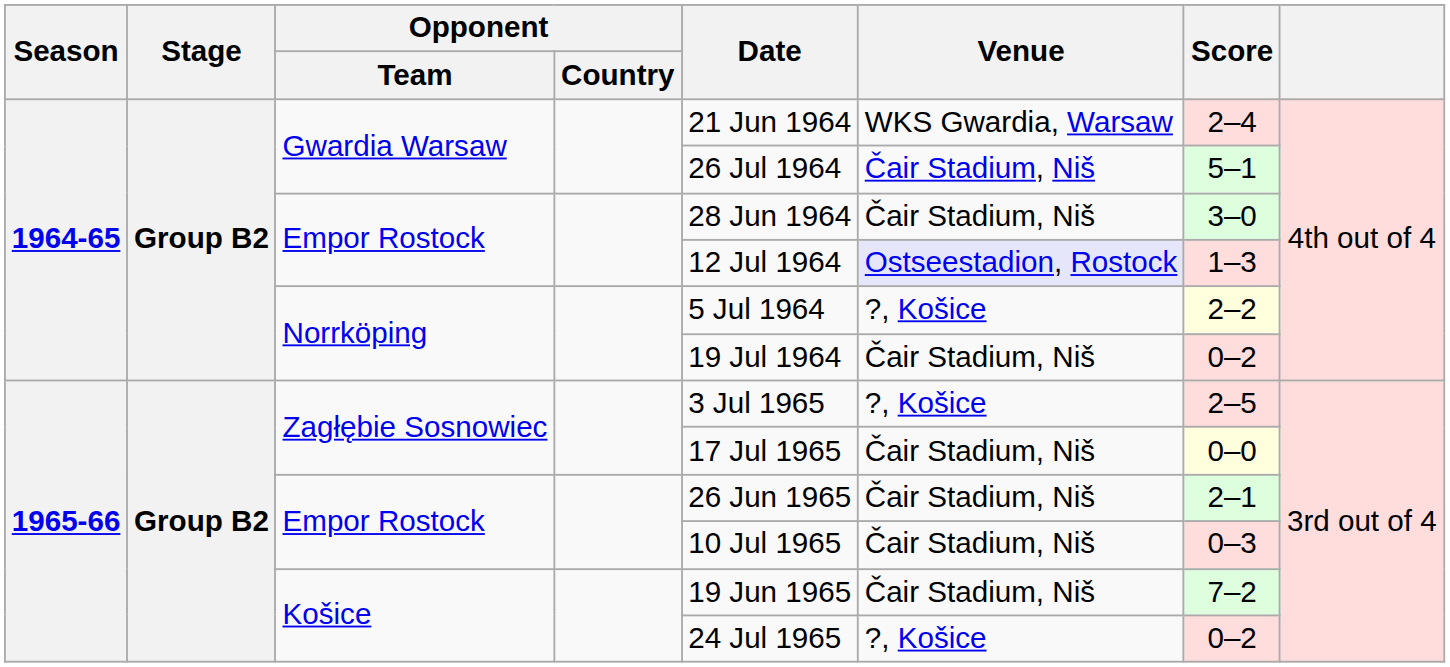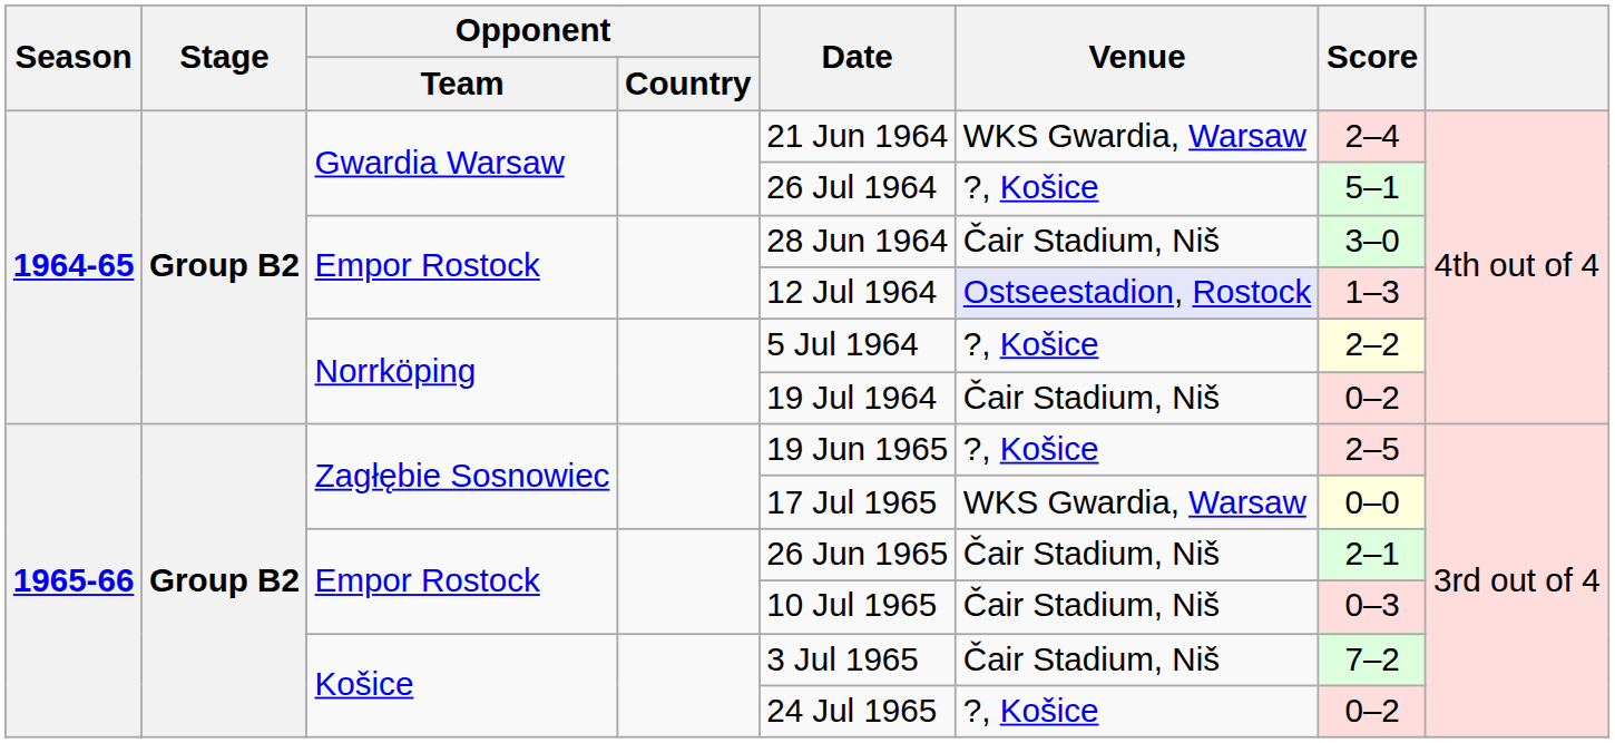 <table class="wikitable plainrowheaders">
 <tr>
 <th rowspan=2>Season</th>
 <th rowspan=2>Stage</th>
 <th scope="col" colspan=2>Opponent</th>
 <th scope="col" rowspan=2>Date</th>
 <th scope="col" rowspan=2>Venue</th>
 <th scope="col" rowspan=2>Score</th>
 <th scope="col" rowspan=2></th>
 </tr>
 <tr>
 <th scope="col">Team</th>
 <th scope="col">Country</th>
 </tr>
 <tr>
 <th scope=row rowspan=6><a href='#'>1964-65</a></th>
 <th scope=row rowspan=6>Group B2</th>
 <td rowspan="2"><a href='#'>Gwardia Warsaw</a></td>
 <td rowspan="2"></td>
 <td>21 Jun 1964</td>
 <td>WKS Gwardia, <a href='#'>Warsaw</a></td>
 <td style="text-align:center; background:#fdd;">2–4</td>
 <td rowspan="6" style="text-align:center; background:#fdd;">4th out of 4</td>
 </tr>
 <tr>
 <td>26 Jul 1964</td>
-<td><a href='#'>Čair Stadium</a>, <a href='#'>Niš</a></td>
+<td>?, <a href='#'>Košice</a></td>
 <td style="text-align:center; background:#dfd;">5–1</td>
 </tr>
 <tr>
 <td rowspan="2"><a href='#'>Empor Rostock</a></td>
 <td rowspan="2"></td>
 <td>28 Jun 1964</td>
 <td>Čair Stadium, Niš</td>
 <td style="text-align:center; background:#dfd;">3–0</td>
 </tr>
 <tr>
 <td>12 Jul 1964</td>
 <td style="background: lavender;"><a href='#'>Ostseestadion</a>, <a href='#'>Rostock</a></td>
 <td style="text-align:center; background:#fdd;">1–3</td>
 </tr>
 <tr>
 <td rowspan="2"><a href='#'>Norrköping</a></td>
 <td rowspan="2"></td>
 <td>5 Jul 1964</td>
 <td>?, <a href='#'>Košice</a></td>
 <td style="text-align:center; background:#ffd;">2–2</td>
 </tr>
 <tr>
 <td>19 Jul 1964</td>
 <td>Čair Stadium, Niš</td>
 <td style="text-align:center; background:#fdd;">0–2</td>
 </tr>
 <tr>
 <th scope=row rowspan=6><a href='#'>1965-66</a></th>
 <th scope=row rowspan=6>Group B2</th>
 <td rowspan="2"><a href='#'>Zagłębie Sosnowiec</a></td>
 <td rowspan="2"></td>
-<td>3 Jul 1965</td>
+<td>19 Jun 1965</td>
 <td>?, <a href='#'>Košice</a></td>
 <td style="text-align:center; background:#fdd;">2–5</td>
 <td rowspan="6" style="text-align:center; background:#fdd;">3rd out of 4</td>
 </tr>
 <tr>
 <td>17 Jul 1965</td>
-<td>Čair Stadium, Niš</td>
+<td>WKS Gwardia, <a href='#'>Warsaw</a></td>
 <td style="text-align:center; background:#ffd;">0–0</td>
 </tr>
 <tr>
 <td rowspan="2"><a href='#'>Empor Rostock</a></td>
 <td rowspan="2"></td>
 <td>26 Jun 1965</td>
 <td>Čair Stadium, Niš</td>
 <td style="text-align:center; background:#dfd;">2–1</td>
 </tr>
 <tr>
 <td>10 Jul 1965</td>
 <td>Čair Stadium, Niš</td>
 <td style="text-align:center; background:#fdd;">0–3</td>
 </tr>
 <tr>
 <td rowspan="2"><a href='#'>Košice</a></td>
 <td rowspan="2"></td>
-<td>19 Jun 1965</td>
+<td>3 Jul 1965</td>
 <td>Čair Stadium, Niš</td>
 <td style="text-align:center; background:#dfd;">7–2</td>
 </tr>
 <tr>
 <td>24 Jul 1965</td>
 <td>?, <a href='#'>Košice</a></td>
 <td style="text-align:center; background:#fdd;">0–2</td>
 </tr>
 </table>
